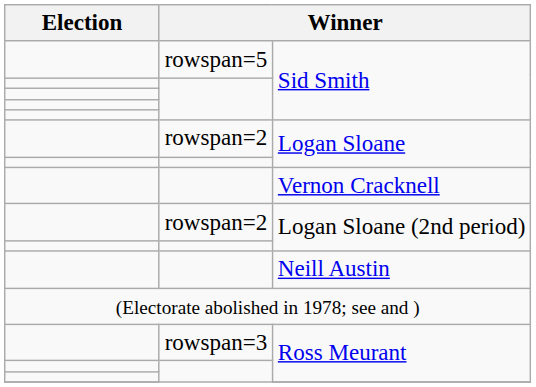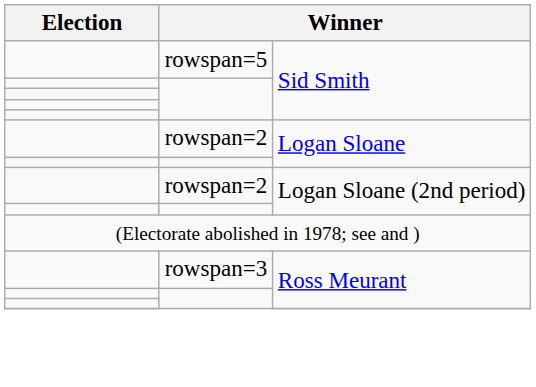 <table class=wikitable>
 <tr>
 <th width=100>Election</th>
 <th width=175 colspan=2>Winner</th>
 </tr>
 <tr>
 <td></td>
 <td>rowspan=5 </td>
 <td rowspan=5><a href='#'>Sid Smith</a></td>
 </tr>
 <tr>
 <td></td>
 </tr>
 <tr>
 <td></td>
 </tr>
 <tr>
 <td></td>
 </tr>
 <tr>
 <td></td>
 </tr>
 <tr>
 <td></td>
 <td>rowspan=2 </td>
 <td rowspan=2><a href='#'>Logan Sloane</a></td>
 </tr>
 <tr>
 <td></td>
 </tr>
 <tr>
 <td></td>
-<td></td>
-<td><a href='#'>Vernon Cracknell</a></td>
-</tr>
-<tr>
-<td></td>
 <td>rowspan=2 </td>
 <td rowspan=2>Logan Sloane (2nd period)</td>
 </tr>
 <tr>
 <td></td>
-</tr>
-<tr>
-<td></td>
-<td></td>
-<td><a href='#'>Neill Austin</a></td>
 </tr>
 <tr>
 <td colspan=3 align=center><small>(Electorate abolished in 1978; see  and )</small></td>
 </tr>
 <tr>
 <td></td>
 <td>rowspan=3 </td>
 <td rowspan=3><a href='#'>Ross Meurant</a></td>
 </tr>
 <tr>
 <td></td>
 </tr>
 <tr>
 <td></td>
 </tr>
 <tr>
 </tr>
 </table>
